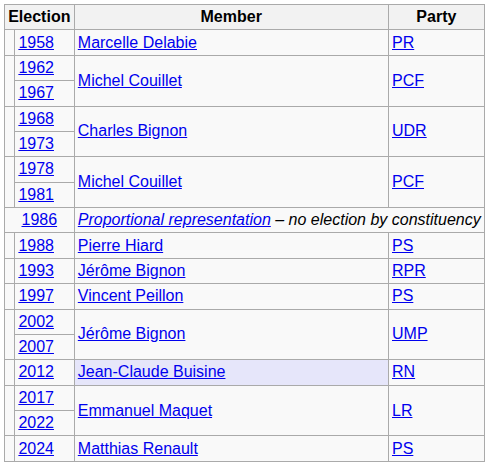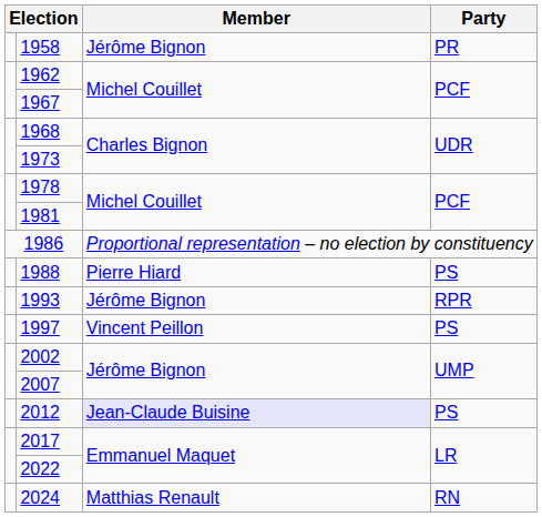 <table class="wikitable">
 <tr>
 <th colspan="2">Election</th>
 <th>Member</th>
 <th>Party</th>
 </tr>
 <tr>
 <td style="background-color: "></td>
 <td><a href='#'>1958</a></td>
-<td><a href='#'>Marcelle Delabie</a></td>
+<td><a href='#'>Jérôme Bignon</a></td>
 <td><a href='#'>PR</a></td>
 </tr>
 <tr>
 <td rowspan="2" style="background-color: "></td>
 <td><a href='#'>1962</a></td>
 <td rowspan="2"><a href='#'>Michel Couillet</a></td>
 <td rowspan="2"><a href='#'>PCF</a></td>
 </tr>
 <tr>
 <td><a href='#'>1967</a></td>
 </tr>
 <tr>
 <td rowspan="2" style="background-color: "></td>
 <td><a href='#'>1968</a></td>
 <td rowspan="2"><a href='#'>Charles Bignon</a></td>
 <td rowspan="2"><a href='#'>UDR</a></td>
 </tr>
 <tr>
 <td><a href='#'>1973</a></td>
 </tr>
 <tr>
 <td rowspan="2" style="background-color: "></td>
 <td><a href='#'>1978</a></td>
 <td rowspan="2"><a href='#'>Michel Couillet</a></td>
 <td rowspan="2"><a href='#'>PCF</a></td>
 </tr>
 <tr>
 <td><a href='#'>1981</a></td>
 </tr>
 <tr>
 <td colspan="2" align="center"><a href='#'>1986</a></td>
 <td colspan="2"><em><a href='#'>Proportional representation</a> – no election by constituency</em></td>
 </tr>
 <tr>
 <td style="background-color: "></td>
 <td><a href='#'>1988</a></td>
 <td><a href='#'>Pierre Hiard</a></td>
 <td><a href='#'>PS</a></td>
 </tr>
 <tr>
 <td style="background-color: "></td>
 <td><a href='#'>1993</a></td>
 <td><a href='#'>Jérôme Bignon</a></td>
 <td><a href='#'>RPR</a></td>
 </tr>
 <tr>
 <td style="background-color: "></td>
 <td><a href='#'>1997</a></td>
 <td><a href='#'>Vincent Peillon</a></td>
 <td><a href='#'>PS</a></td>
 </tr>
 <tr>
 <td rowspan="2" style="background-color: "></td>
 <td><a href='#'>2002</a></td>
 <td rowspan="2"><a href='#'>Jérôme Bignon</a></td>
 <td rowspan="2"><a href='#'>UMP</a></td>
 </tr>
 <tr>
 <td><a href='#'>2007</a></td>
 </tr>
 <tr>
 <td style="background-color: "></td>
 <td><a href='#'>2012</a></td>
 <td style="background: lavender;"><a href='#'>Jean-Claude Buisine</a></td>
-<td><a href='#'>RN</a></td>
+<td><a href='#'>PS</a></td>
 </tr>
 <tr>
 <td rowspan="2" style="background-color: "></td>
 <td><a href='#'>2017</a></td>
 <td rowspan="2"><a href='#'>Emmanuel Maquet</a></td>
 <td rowspan="2"><a href='#'>LR</a></td>
 </tr>
 <tr>
 <td><a href='#'>2022</a></td>
 </tr>
 <tr>
 <td style="background-color: "></td>
 <td><a href='#'>2024</a></td>
 <td><a href='#'>Matthias Renault</a></td>
-<td><a href='#'>PS</a></td>
+<td><a href='#'>RN</a></td>
 </tr>
 </table>
